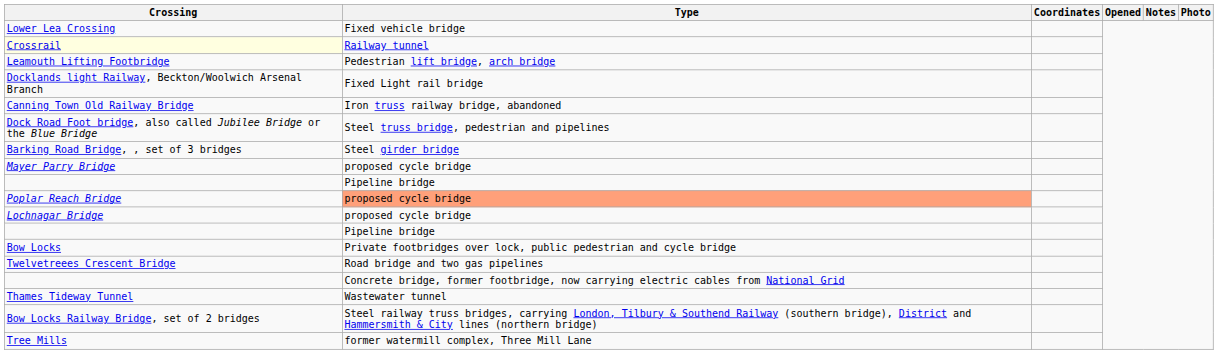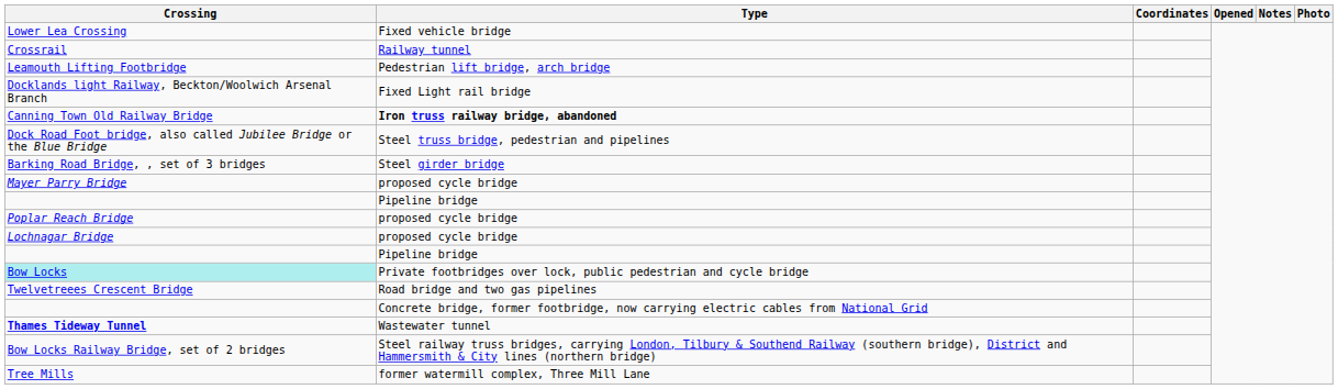 <table class="wikitable plainrowheaders sortable">
 <tr>
 <th scope="col">Crossing</th>
 <th scope="col">Type</th>
 <th scope="col">Coordinates</th>
 <th scope="col">Opened</th>
 <th scope="col">Notes</th>
 <th scope="col">Photo</th>
 </tr>
 <tr>
 <td><a href='#'>Lower Lea Crossing</a> </td>
 <td>Fixed vehicle bridge</td>
 <td></td>
 </tr>
 <tr>
-<td style="background: lightyellow;"><a href='#'>Crossrail</a></td>
+<td><a href='#'>Crossrail</a></td>
 <td><a href='#'>Railway tunnel</a></td>
 <td></td>
 </tr>
 <tr>
 <td><a href='#'>Leamouth Lifting Footbridge</a></td>
 <td>Pedestrian <a href='#'>lift bridge</a>, <a href='#'>arch bridge</a></td>
 <td></td>
 </tr>
 <tr>
 <td><a href='#'>Docklands light Railway</a>, Beckton/Woolwich Arsenal Branch</td>
 <td>Fixed Light rail bridge</td>
 <td></td>
 </tr>
 <tr>
 <td><a href='#'>Canning Town Old Railway Bridge</a></td>
-<td>Iron <a href='#'>truss</a> railway bridge, abandoned</td>
+<td><strong>Iron <a href='#'>truss</a> railway bridge, abandoned</strong></td>
 <td></td>
 </tr>
 <tr>
 <td><a href='#'>Dock Road Foot bridge</a>, also called <em>Jubilee Bridge</em> or the <em>Blue Bridge</em></td>
 <td>Steel <a href='#'>truss bridge</a>, pedestrian and pipelines</td>
 <td></td>
 </tr>
 <tr>
 <td><a href='#'>Barking Road Bridge</a>, , set of 3 bridges</td>
 <td>Steel <a href='#'>girder bridge</a></td>
 <td></td>
 </tr>
 <tr>
 <td><em><a href='#'>Mayer Parry Bridge</a></em></td>
 <td>proposed cycle bridge</td>
 <td></td>
 </tr>
 <tr>
 <td></td>
 <td>Pipeline bridge</td>
 <td></td>
 </tr>
 <tr>
 <td><em><a href='#'>Poplar Reach Bridge</a></em></td>
-<td style="background: lightsalmon;">proposed cycle bridge</td>
+<td>proposed cycle bridge</td>
 <td></td>
 </tr>
 <tr>
 <td><em><a href='#'>Lochnagar Bridge</a></em></td>
 <td>proposed cycle bridge</td>
 <td></td>
 </tr>
 <tr>
 <td></td>
 <td>Pipeline bridge</td>
 <td></td>
 </tr>
 <tr>
-<td><a href='#'>Bow Locks</a></td>
+<td style="background: paleturquoise;"><a href='#'>Bow Locks</a></td>
 <td>Private footbridges over lock, public pedestrian and cycle bridge</td>
 <td></td>
 </tr>
 <tr>
 <td><a href='#'>Twelvetreees Crescent Bridge</a></td>
 <td>Road bridge and two gas pipelines</td>
 <td></td>
 </tr>
 <tr>
 <td></td>
 <td>Concrete bridge, former footbridge, now carrying electric cables from <a href='#'>National Grid</a></td>
 <td></td>
 </tr>
 <tr>
-<td><a href='#'>Thames Tideway Tunnel</a></td>
+<td><strong><a href='#'>Thames Tideway Tunnel</a></strong></td>
 <td>Wastewater tunnel</td>
 <td></td>
 </tr>
 <tr>
 <td><a href='#'>Bow Locks Railway Bridge</a>, set of 2 bridges</td>
 <td>Steel railway truss bridges, carrying <a href='#'>London, Tilbury & Southend Railway</a> (southern bridge), <a href='#'>District</a> and <a href='#'>Hammersmith & City</a> lines (northern bridge)</td>
 <td></td>
 </tr>
 <tr>
 <td><a href='#'>Tree Mills</a></td>
 <td>former watermill complex, Three Mill Lane</td>
 <td></td>
 </tr>
 </table>
